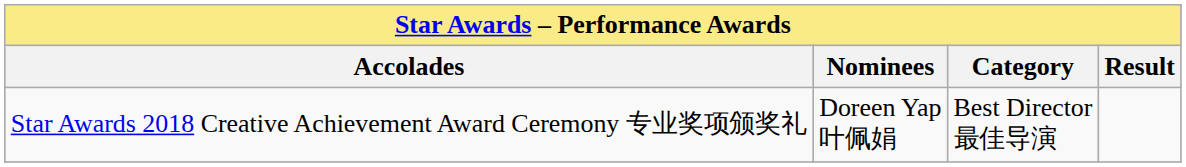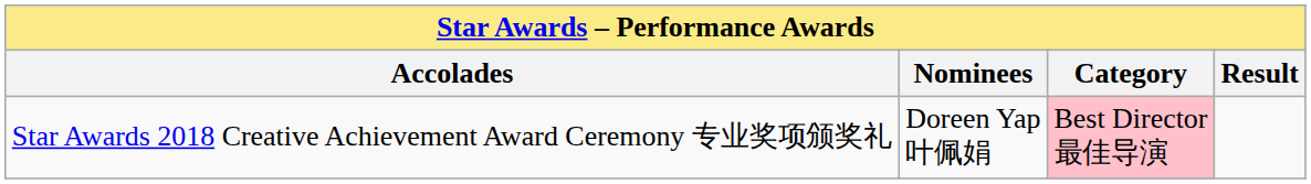 <table class="wikitable sortable">
 <tr>
 <th colspan="4" - style="background:#FAEB86;" align="center"><a href='#'>Star Awards</a> – Performance Awards</th>
 </tr>
 <tr>
 <th>Accolades</th>
 <th>Nominees</th>
 <th>Category</th>
 <th>Result</th>
 </tr>
 <tr>
 <td rowspan="1"><a href='#'>Star Awards 2018</a> Creative Achievement Award Ceremony 专业奖项颁奖礼</td>
 <td>Doreen Yap <br> 叶佩娟</td>
-<td>Best Director <br> 最佳导演</td>
+<td style="background: pink;">Best Director <br> 最佳导演</td>
 <td></td>
 </tr>
 </table>
